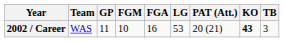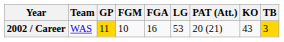 <table class="wikitable">
 <tr>
 <th>Year</th>
 <th>Team</th>
 <th>GP</th>
 <th>FGM</th>
 <th>FGA</th>
 <th>LG</th>
 <th>PAT (Att.)</th>
 <th>KO</th>
 <th>TB</th>
 </tr>
 <tr>
 <th>2002 / Career</th>
 <td><a href='#'>WAS</a></td>
-<td>11</td>
+<td style="background: gold;">11</td>
 <td>10</td>
 <td>16</td>
 <td>53</td>
 <td>20 (21)</td>
-<td><strong>43</strong></td>
-<td>3</td>
+<td>43</td>
+<td style="background: gold;">3</td>
 </tr>
 </table>
